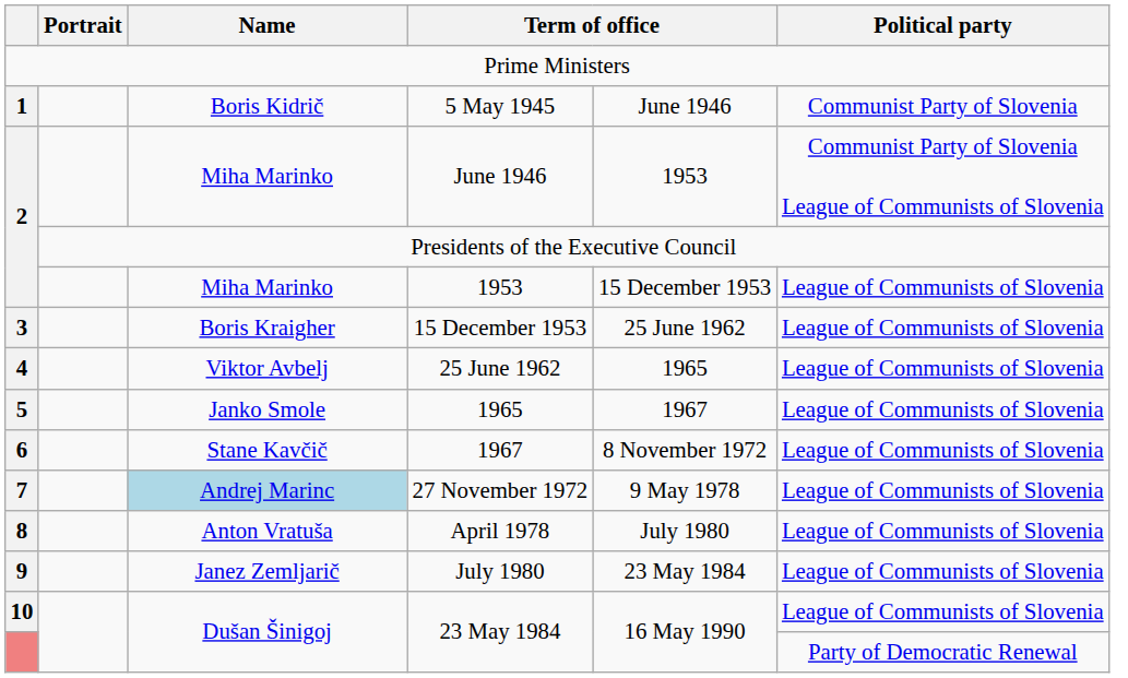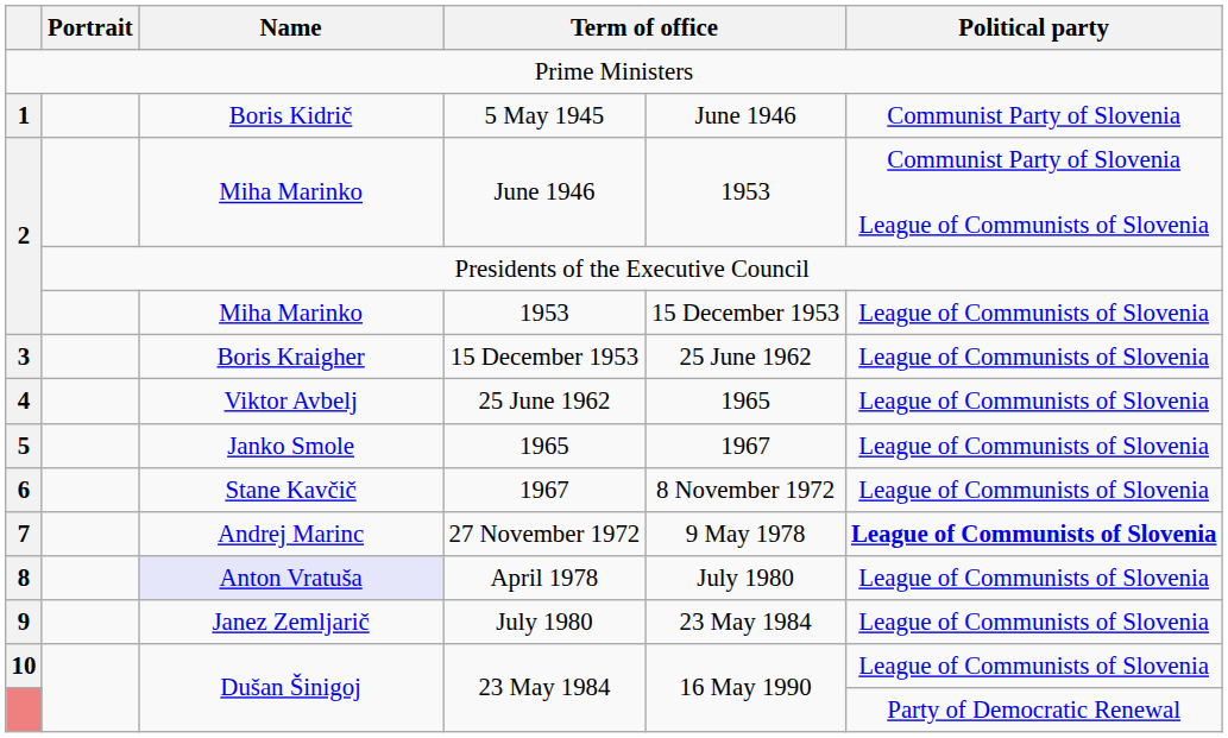 <table class="wikitable collapsible collapsed tpl-blanktable" style="text-align:center; font-size:95%; line-height:20px">
 <tr>
 <th></th>
 <th>Portrait</th>
 <th width=180>Name<br></th>
 <th colspan=2>Term of office</th>
 <th>Political party</th>
 </tr>
 <tr>
 <td colspan="6">Prime Ministers </td>
 </tr>
 <tr>
 <th style="background:">1</th>
 <td></td>
 <td><a href='#'>Boris Kidrič</a><br></td>
 <td>5 May 1945</td>
 <td>June 1946</td>
 <td><a href='#'>Communist Party of Slovenia</a></td>
 </tr>
 <tr>
 <th rowspan=3 style="background:">2</th>
 <td></td>
 <td><a href='#'>Miha Marinko</a><br></td>
 <td>June 1946</td>
 <td>1953</td>
 <td><a href='#'>Communist Party of Slovenia</a><br><br><a href='#'>League of Communists of Slovenia</a></td>
 </tr>
 <tr>
 <td colspan="5">Presidents of the Executive Council </td>
 </tr>
 <tr>
 <td></td>
 <td><a href='#'>Miha Marinko</a><br></td>
 <td>1953</td>
 <td>15 December 1953</td>
 <td><a href='#'>League of Communists of Slovenia</a></td>
 </tr>
 <tr>
 <th style="background:">3</th>
 <td></td>
 <td><a href='#'>Boris Kraigher</a><br></td>
 <td>15 December 1953</td>
 <td>25 June 1962</td>
 <td><a href='#'>League of Communists of Slovenia</a></td>
 </tr>
 <tr>
 <th style="background:">4</th>
 <td></td>
 <td><a href='#'>Viktor Avbelj</a><br></td>
 <td>25 June 1962</td>
 <td>1965</td>
 <td><a href='#'>League of Communists of Slovenia</a></td>
 </tr>
 <tr>
 <th style="background:">5</th>
 <td></td>
 <td><a href='#'>Janko Smole</a><br></td>
 <td>1965</td>
 <td>1967</td>
 <td><a href='#'>League of Communists of Slovenia</a></td>
 </tr>
 <tr>
 <th style="background:">6</th>
 <td></td>
 <td><a href='#'>Stane Kavčič</a><br></td>
 <td>1967</td>
 <td>8 November 1972</td>
 <td><a href='#'>League of Communists of Slovenia</a></td>
 </tr>
 <tr>
 <th style="background:">7</th>
 <td></td>
-<td style="background: lightblue;"><a href='#'>Andrej Marinc</a><br></td>
+<td><a href='#'>Andrej Marinc</a><br></td>
 <td>27 November 1972</td>
 <td>9 May 1978</td>
-<td><a href='#'>League of Communists of Slovenia</a></td>
+<td><strong><a href='#'>League of Communists of Slovenia</a></strong></td>
 </tr>
 <tr>
 <th style="background:">8</th>
 <td></td>
-<td><a href='#'>Anton Vratuša</a><br></td>
+<td style="background: lavender;"><a href='#'>Anton Vratuša</a><br></td>
 <td>April 1978</td>
 <td>July 1980</td>
 <td><a href='#'>League of Communists of Slovenia</a></td>
 </tr>
 <tr>
 <th style="background:">9</th>
 <td></td>
 <td><a href='#'>Janez Zemljarič</a><br></td>
 <td>July 1980</td>
 <td>23 May 1984</td>
 <td><a href='#'>League of Communists of Slovenia</a></td>
 </tr>
 <tr>
 <th style="background:">10</th>
 <td rowspan=2></td>
 <td rowspan=2><a href='#'>Dušan Šinigoj</a><br></td>
 <td rowspan=2>23 May 1984</td>
 <td rowspan=2>16 May 1990</td>
 <td><a href='#'>League of Communists of Slovenia</a></td>
 </tr>
 <tr>
 <th style="background:#f08080; color:white;"></th>
 <td><a href='#'>Party of Democratic Renewal</a></td>
 </tr>
 </table>
